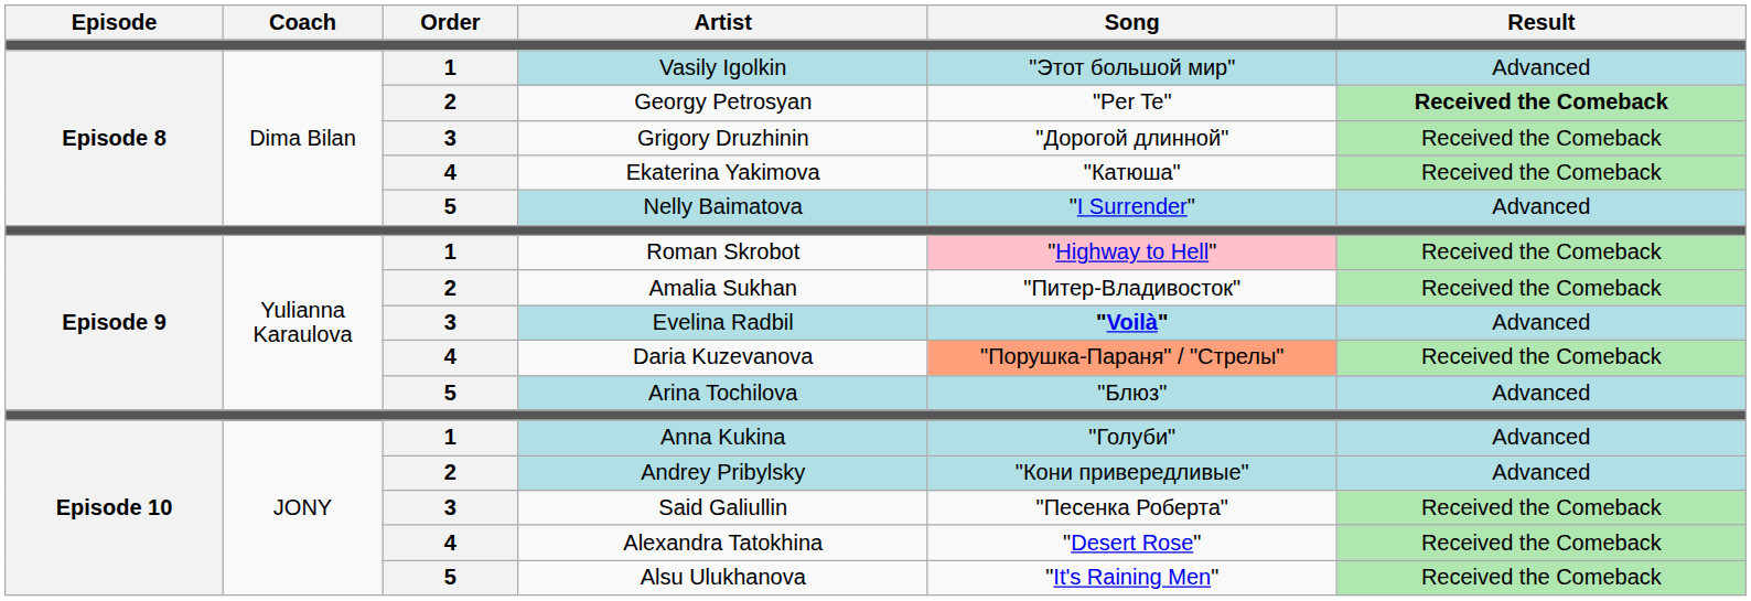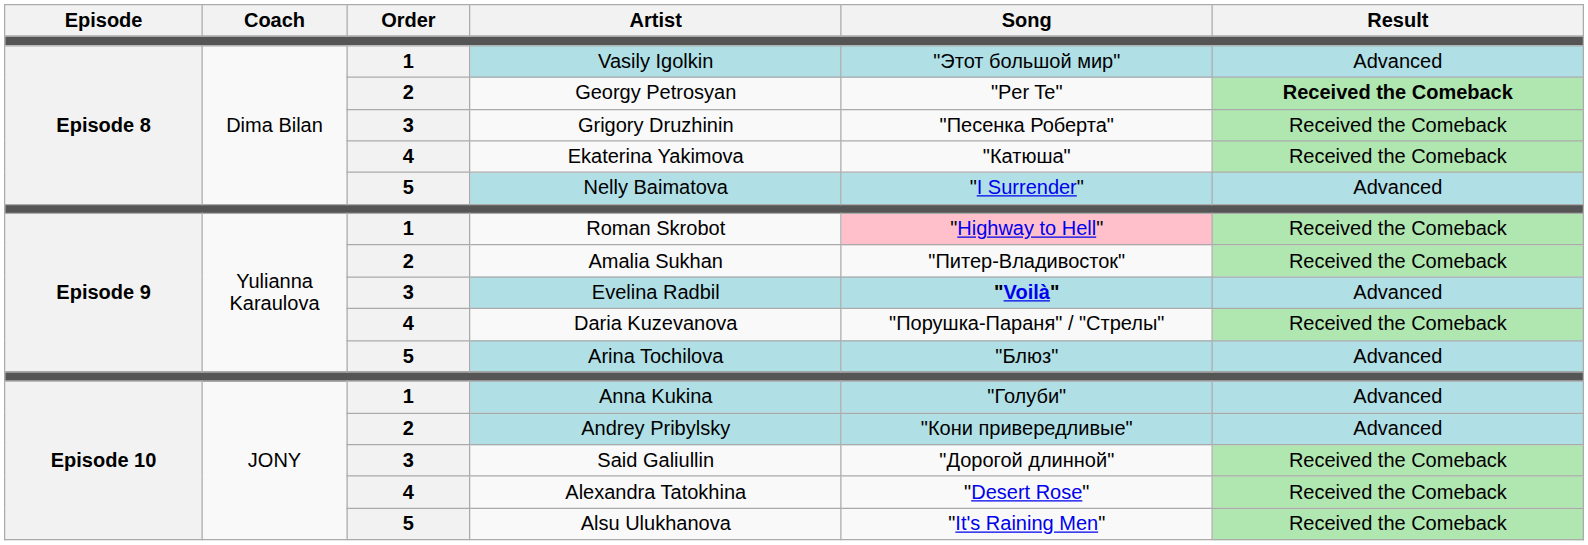 <table class="wikitable" style="text-align: center; width:100%;">
 <tr>
 <th style="width:08%;">Episode</th>
 <th style="width:05%;">Coach</th>
 <th style="width:05%;">Order</th>
 <th style="width:15%;">Artist</th>
 <th style="width:15%;">Song</th>
 <th style="width:15%;">Result</th>
 </tr>
 <tr>
 <td colspan=6 style="background:#555;"></td>
 </tr>
 <tr>
 <th rowspan=5>Episode 8<br><small></small></th>
 <td rowspan=5>Dima Bilan</td>
 <th>1</th>
 <td style="background:#b0e0e6;">Vasily Igolkin</td>
 <td style="background:#b0e0e6;">"Этот большой мир"</td>
 <td style="background:#b0e0e6;">Advanced</td>
 </tr>
 <tr>
 <th>2</th>
 <td>Georgy Petrosyan</td>
 <td>"Per Te"</td>
 <td style="background:#b0e6b0;"><strong>Received the Comeback</strong></td>
 </tr>
 <tr>
 <th>3</th>
 <td>Grigory Druzhinin</td>
-<td>"Дорогой длинной"</td>
+<td>"Песенка Роберта"</td>
 <td style="background:#b0e6b0;">Received the Comeback</td>
 </tr>
 <tr>
 <th>4</th>
 <td>Ekaterina Yakimova</td>
 <td>"Катюша"</td>
 <td style="background:#b0e6b0;">Received the Comeback</td>
 </tr>
 <tr>
 <th>5</th>
 <td style="background:#b0e0e6;">Nelly Baimatova</td>
 <td style="background:#b0e0e6;">"<a href='#'>I Surrender</a>"</td>
 <td style="background:#b0e0e6;">Advanced</td>
 </tr>
 <tr>
 <td colspan=6 style="background:#555;"></td>
 </tr>
 <tr>
 <th rowspan=5>Episode 9<br><small></small></th>
 <td rowspan=5>Yulianna Karaulova</td>
 <th>1</th>
 <td>Roman Skrobot</td>
 <td style="background: pink;">"<a href='#'>Highway to Hell</a>"</td>
 <td style="background:#b0e6b0;">Received the Comeback</td>
 </tr>
 <tr>
 <th>2</th>
 <td>Amalia Sukhan</td>
 <td>"Питер-Владивосток"</td>
 <td style="background:#b0e6b0;">Received the Comeback</td>
 </tr>
 <tr>
 <th>3</th>
 <td style="background:#b0e0e6;">Evelina Radbil</td>
 <td style="background:#b0e0e6;"><strong>"<a href='#'>Voilà</a>"</strong></td>
 <td style="background:#b0e0e6;">Advanced</td>
 </tr>
 <tr>
 <th>4</th>
 <td>Daria Kuzevanova</td>
-<td style="background: lightsalmon;">"Порушка-Параня" / "Стрелы"</td>
+<td>"Порушка-Параня" / "Стрелы"</td>
 <td style="background:#b0e6b0;">Received the Comeback</td>
 </tr>
 <tr>
 <th>5</th>
 <td style="background:#b0e0e6;">Arina Tochilova</td>
 <td style="background:#b0e0e6;">"Блюз"</td>
 <td style="background:#b0e0e6;">Advanced</td>
 </tr>
 <tr>
 <td colspan=6 style="background:#555;"></td>
 </tr>
 <tr>
 <th rowspan=5>Episode 10<br><small></small></th>
 <td rowspan=5>JONY</td>
 <th>1</th>
 <td style="background:#b0e0e6;">Anna Kukina</td>
 <td style="background:#b0e0e6;">"Голуби"</td>
 <td style="background:#b0e0e6;">Advanced</td>
 </tr>
 <tr>
 <th>2</th>
 <td style="background:#b0e0e6;">Andrey Pribylsky</td>
 <td style="background:#b0e0e6;">"Кони привередливые"</td>
 <td style="background:#b0e0e6;">Advanced</td>
 </tr>
 <tr>
 <th>3</th>
 <td>Said Galiullin</td>
-<td>"Песенка Роберта"</td>
+<td>"Дорогой длинной"</td>
 <td style="background:#b0e6b0;">Received the Comeback</td>
 </tr>
 <tr>
 <th>4</th>
 <td>Alexandra Tatokhina</td>
 <td>"<a href='#'>Desert Rose</a>"</td>
 <td style="background:#b0e6b0;">Received the Comeback</td>
 </tr>
 <tr>
 <th>5</th>
 <td>Alsu Ulukhanova</td>
 <td>"<a href='#'>It's Raining Men</a>"</td>
 <td style="background:#b0e6b0;">Received the Comeback</td>
 </tr>
 </table>
